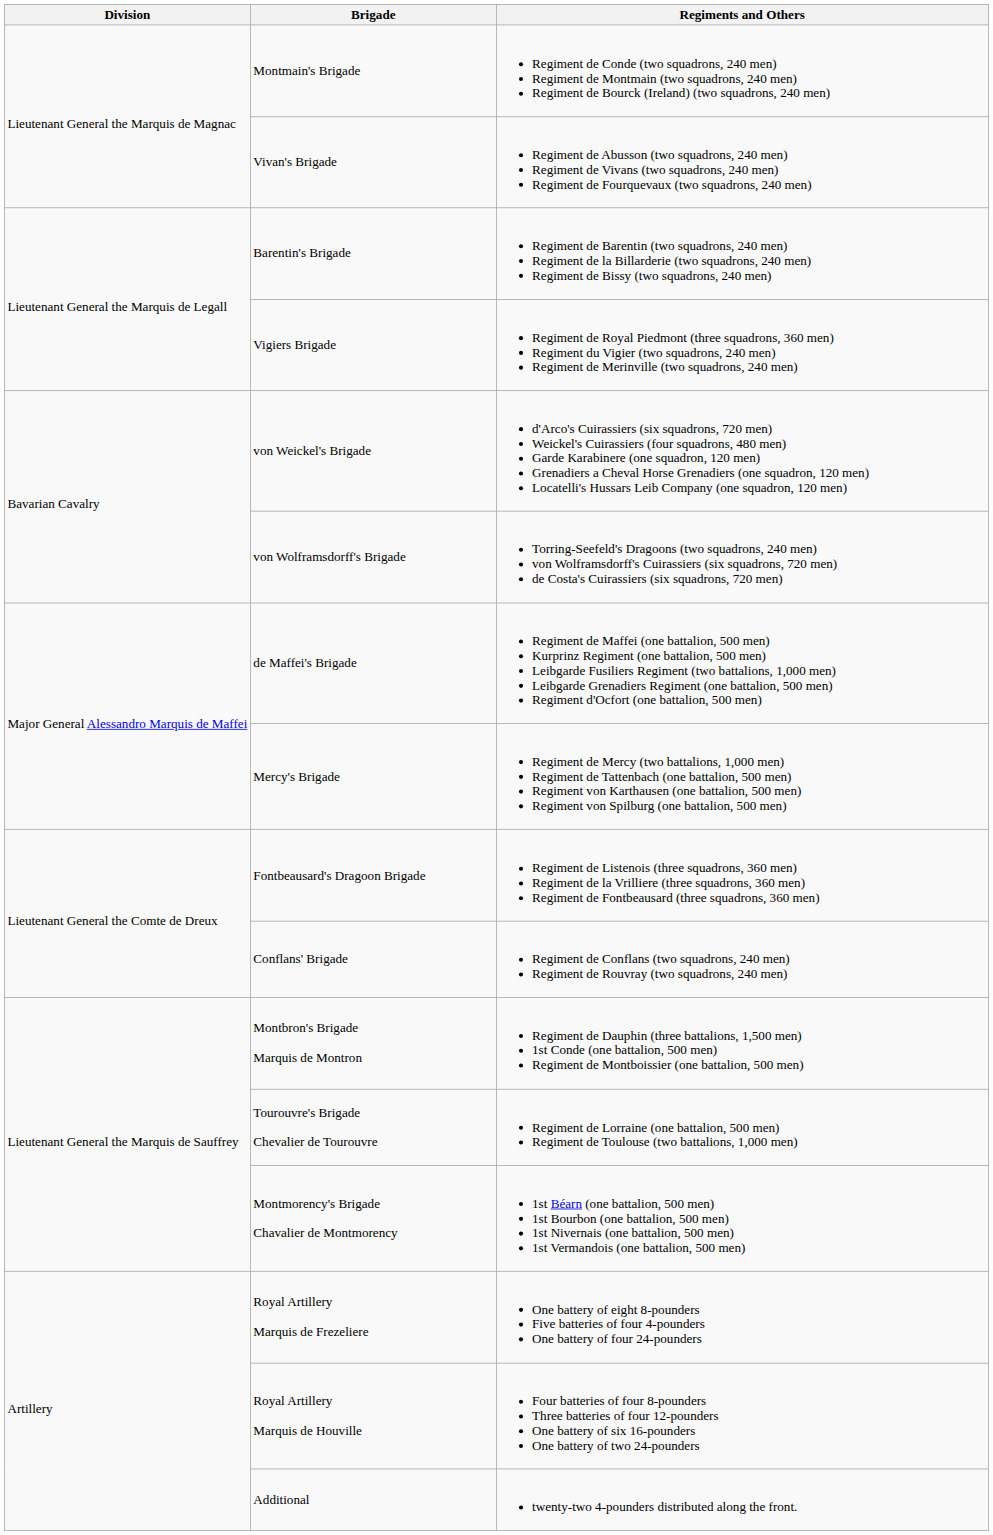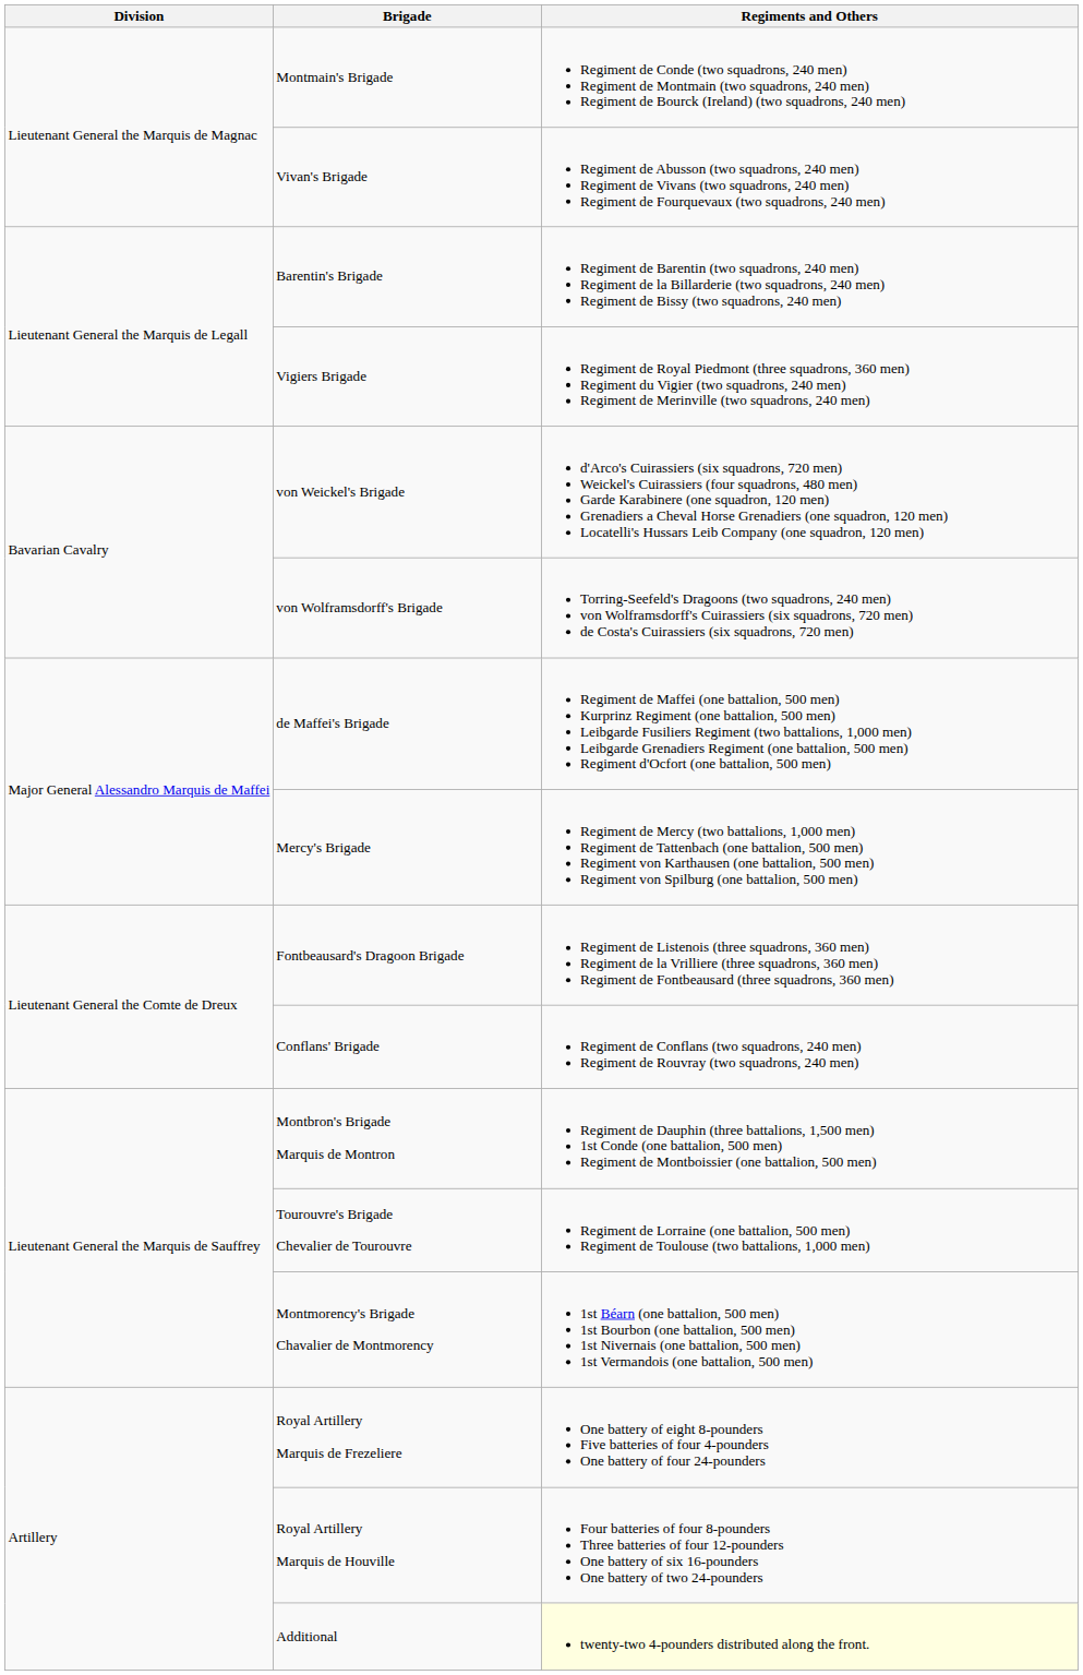 <table class="wikitable">
 <tr>
 <th width=25%>Division</th>
 <th width=25%>Brigade</th>
 <th>Regiments and Others</th>
 </tr>
 <tr>
 <td rowspan=2><br>Lieutenant General the Marquis de Magnac</td>
 <td>Montmain's Brigade</td>
 <td><br><ul><li>Regiment de Conde (two squadrons, 240 men)</li><li>Regiment de Montmain (two squadrons, 240 men)</li><li>Regiment de Bourck (Ireland) (two squadrons, 240 men)</li></ul></td>
 </tr>
 <tr>
 <td>Vivan's Brigade</td>
 <td><br><ul><li>Regiment de Abusson (two squadrons, 240 men)</li><li>Regiment de Vivans (two squadrons, 240 men)</li><li>Regiment de Fourquevaux (two squadrons, 240 men)</li></ul></td>
 </tr>
 <tr>
 <td rowspan=2><br>Lieutenant General the Marquis de Legall</td>
 <td>Barentin's Brigade</td>
 <td><br><ul><li>Regiment de Barentin (two squadrons, 240 men)</li><li>Regiment de la Billarderie (two squadrons, 240 men)</li><li>Regiment de Bissy (two squadrons, 240 men)</li></ul></td>
 </tr>
 <tr>
 <td>Vigiers Brigade</td>
 <td><br><ul><li>Regiment de Royal Piedmont (three squadrons, 360 men)</li><li>Regiment du Vigier (two squadrons, 240 men)</li><li>Regiment de Merinville (two squadrons, 240 men)</li></ul></td>
 </tr>
 <tr>
 <td rowspan=2><br>Bavarian Cavalry</td>
 <td>von Weickel's Brigade</td>
 <td><br><ul><li>d'Arco's Cuirassiers (six squadrons, 720 men)</li><li>Weickel's Cuirassiers (four squadrons, 480 men)</li><li>Garde Karabinere (one squadron, 120 men)</li><li>Grenadiers a Cheval Horse Grenadiers (one squadron, 120 men)</li><li>Locatelli's Hussars Leib Company (one squadron, 120 men)</li></ul></td>
 </tr>
 <tr>
 <td>von Wolframsdorff's Brigade</td>
 <td><br><ul><li>Torring-Seefeld's Dragoons (two squadrons, 240 men)</li><li>von Wolframsdorff's Cuirassiers (six squadrons, 720 men)</li><li>de Costa's Cuirassiers (six squadrons, 720 men)</li></ul></td>
 </tr>
 <tr>
 <td rowspan=2><br>Major General <a href='#'>Alessandro Marquis de Maffei</a></td>
 <td>de Maffei's Brigade</td>
 <td><br><ul><li>Regiment de Maffei (one battalion, 500 men)</li><li>Kurprinz Regiment (one battalion, 500 men)</li><li>Leibgarde Fusiliers Regiment (two battalions, 1,000 men)</li><li>Leibgarde Grenadiers Regiment (one battalion, 500 men)</li><li>Regiment d'Ocfort (one battalion, 500 men)</li></ul></td>
 </tr>
 <tr>
 <td>Mercy's Brigade</td>
 <td><br><ul><li>Regiment de Mercy (two battalions, 1,000 men)</li><li>Regiment de Tattenbach (one battalion, 500 men)</li><li>Regiment von Karthausen (one battalion, 500 men)</li><li>Regiment von Spilburg (one battalion, 500 men)</li></ul></td>
 </tr>
 <tr>
 <td rowspan=2><br>Lieutenant General the Comte de Dreux</td>
 <td>Fontbeausard's Dragoon Brigade</td>
 <td><br><ul><li>Regiment de Listenois (three squadrons, 360 men)</li><li>Regiment de la Vrilliere (three squadrons, 360 men)</li><li>Regiment de Fontbeausard (three squadrons, 360 men)</li></ul></td>
 </tr>
 <tr>
 <td>Conflans' Brigade</td>
 <td><br><ul><li>Regiment de Conflans (two squadrons, 240 men)</li><li>Regiment de Rouvray (two squadrons, 240 men)</li></ul></td>
 </tr>
 <tr>
 <td rowspan=3><br>Lieutenant General the Marquis de Sauffrey</td>
 <td>Montbron's Brigade<br><br> Marquis de Montron</td>
 <td><br><ul><li>Regiment de Dauphin (three battalions, 1,500 men)</li><li>1st Conde (one battalion, 500 men)</li><li>Regiment de Montboissier (one battalion, 500 men)</li></ul></td>
 </tr>
 <tr>
 <td>Tourouvre's Brigade<br><br> Chevalier de Tourouvre</td>
 <td><br><ul><li>Regiment de Lorraine (one battalion, 500 men)</li><li>Regiment de Toulouse (two battalions, 1,000 men)</li></ul></td>
 </tr>
 <tr>
 <td>Montmorency's Brigade<br><br> Chavalier de Montmorency</td>
 <td><br><ul><li>1st <a href='#'>Béarn</a> (one battalion, 500 men)</li><li>1st Bourbon (one battalion, 500 men)</li><li>1st Nivernais (one battalion, 500 men)</li><li>1st Vermandois (one battalion, 500 men)</li></ul></td>
 </tr>
 <tr>
 <td rowspan=3><br>Artillery</td>
 <td>Royal Artillery<br><br> Marquis de Frezeliere</td>
 <td><br><ul><li>One battery of eight 8-pounders</li><li>Five batteries of four 4-pounders</li><li>One battery of four 24-pounders</li></ul></td>
 </tr>
 <tr>
 <td>Royal Artillery<br><br> Marquis de Houville</td>
 <td><br><ul><li>Four batteries of four 8-pounders</li><li>Three batteries of four 12-pounders</li><li>One battery of six 16-pounders</li><li>One battery of two 24-pounders</li></ul></td>
 </tr>
 <tr>
 <td>Additional</td>
-<td><br><ul><li>twenty-two 4-pounders distributed along the front.</li></ul></td>
+<td style="background: lightyellow;"><br><ul><li>twenty-two 4-pounders distributed along the front.</li></ul></td>
 </tr>
 </table>
